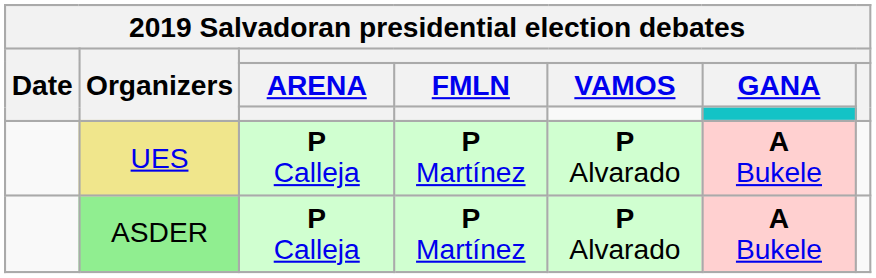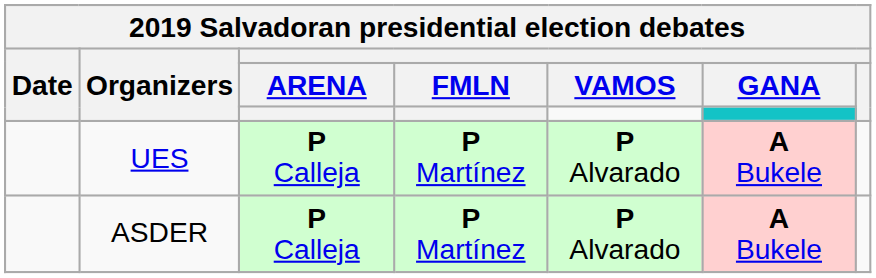 <table class="wikitable" style="font-size:85%; line-height:15px; text-align:center;">
 <tr>
 <th colspan="7">2019 Salvadoran presidential election debates</th>
 </tr>
 <tr>
 <th rowspan="3">Date</th>
 <th rowspan="3">Organizers</th>
 <th colspan="7">   </th>
 </tr>
 <tr>
 <th scope="col" style="width:5em;"><a href='#'>ARENA</a></th>
 <th scope="col" style="width:5em;"><a href='#'>FMLN</a></th>
 <th scope="col" style="width:5em;"><a href='#'>VAMOS</a></th>
 <th scope="col" style="width:5em;"><a href='#'>GANA</a></th>
 <th rowspan="2"></th>
 </tr>
 <tr>
 <th style="background:"></th>
 <th style="background:"></th>
 <td style="background:"></td>
 <th style="background:#13C3C6"></th>
 </tr>
 <tr>
 <td></td>
-<td style="background: khaki;"><a href='#'>UES</a></td>
+<td><a href='#'>UES</a></td>
 <td style="background:#D0FFD0;"><strong>P</strong><br><a href='#'>Calleja</a></td>
 <td style="background:#D0FFD0;"><strong>P</strong><br><a href='#'>Martínez</a></td>
 <td style="background:#D0FFD0;"><strong>P</strong><br>Alvarado</td>
 <td style="background:#FFD0D0;"><strong>A</strong><br><a href='#'>Bukele</a></td>
 <td></td>
 </tr>
 <tr>
 <td></td>
-<td style="background: lightgreen;">ASDER</td>
+<td>ASDER</td>
 <td style="background:#D0FFD0;"><strong>P</strong><br><a href='#'>Calleja</a></td>
 <td style="background:#D0FFD0;"><strong>P</strong><br><a href='#'>Martínez</a></td>
 <td style="background:#D0FFD0;"><strong>P</strong><br>Alvarado</td>
 <td style="background:#FFD0D0;"><strong>A</strong><br><a href='#'>Bukele</a></td>
 <td></td>
 </tr>
 </table>
